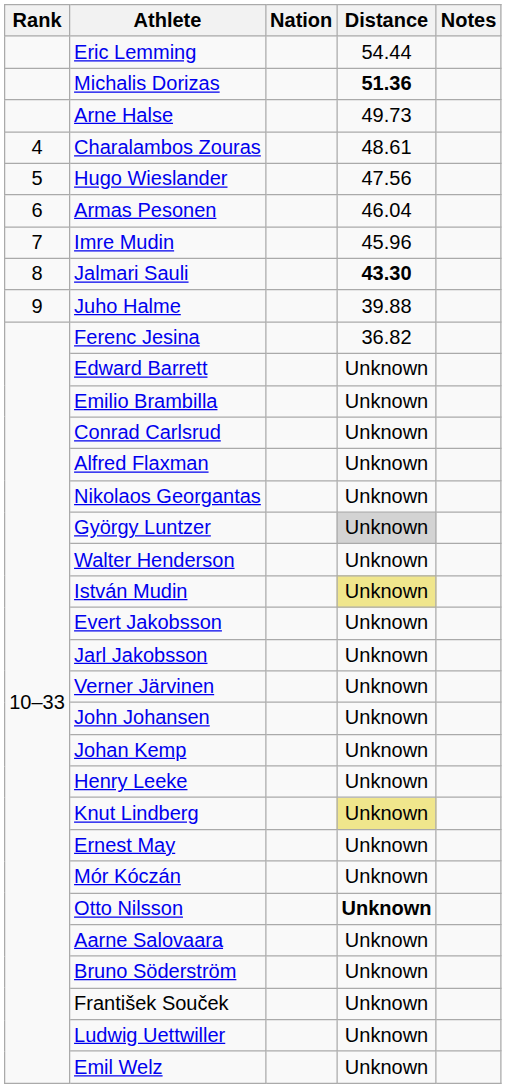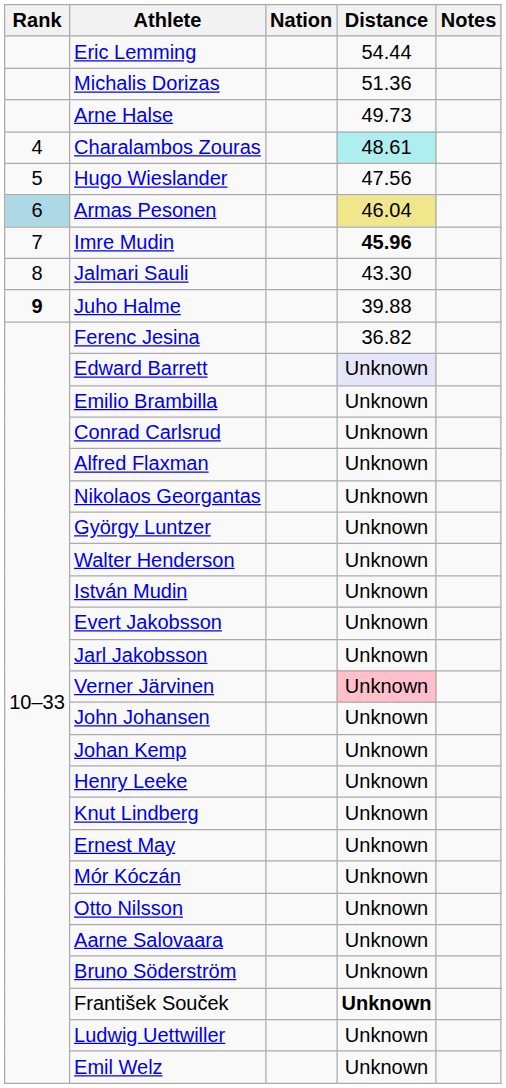 <table class=wikitable>
 <tr>
 <th>Rank</th>
 <th>Athlete</th>
 <th>Nation</th>
 <th>Distance</th>
 <th>Notes</th>
 </tr>
 <tr>
 <td align=center></td>
 <td><a href='#'>Eric Lemming</a></td>
 <td></td>
 <td align=center>54.44</td>
 <td align=center></td>
 </tr>
 <tr>
 <td align=center></td>
 <td><a href='#'>Michalis Dorizas</a></td>
 <td></td>
-<td align=center><strong>51.36</strong></td>
+<td align=center>51.36</td>
 <td></td>
 </tr>
 <tr>
 <td align=center></td>
 <td><a href='#'>Arne Halse</a></td>
 <td></td>
 <td align=center>49.73</td>
 <td></td>
 </tr>
 <tr>
 <td align=center>4</td>
 <td><a href='#'>Charalambos Zouras</a></td>
 <td></td>
-<td align=center>48.61</td>
+<td align=center style="background: paleturquoise;">48.61</td>
 <td></td>
 </tr>
 <tr>
 <td align=center>5</td>
 <td><a href='#'>Hugo Wieslander</a></td>
 <td></td>
 <td align=center>47.56</td>
 <td></td>
 </tr>
 <tr>
-<td align=center>6</td>
+<td align=center style="background: lightblue;">6</td>
 <td><a href='#'>Armas Pesonen</a></td>
 <td></td>
-<td align=center>46.04</td>
+<td align=center style="background: khaki;">46.04</td>
 <td></td>
 </tr>
 <tr>
 <td align=center>7</td>
 <td><a href='#'>Imre Mudin</a></td>
 <td></td>
-<td align=center>45.96</td>
+<td align=center><strong>45.96</strong></td>
 <td></td>
 </tr>
 <tr>
 <td align=center>8</td>
 <td><a href='#'>Jalmari Sauli</a></td>
 <td></td>
-<td align=center><strong>43.30</strong></td>
+<td align=center>43.30</td>
 <td></td>
 </tr>
 <tr>
-<td align=center>9</td>
+<td align=center><strong>9</strong></td>
 <td><a href='#'>Juho Halme</a></td>
 <td></td>
 <td align=center>39.88</td>
 <td></td>
 </tr>
 <tr>
 <td align=center rowspan=24>10–33</td>
 <td><a href='#'>Ferenc Jesina</a></td>
 <td></td>
 <td align=center>36.82</td>
 <td></td>
 </tr>
 <tr>
 <td><a href='#'>Edward Barrett</a></td>
 <td></td>
-<td align=center>Unknown</td>
+<td align=center style="background: lavender;">Unknown</td>
 <td></td>
 </tr>
 <tr>
 <td><a href='#'>Emilio Brambilla</a></td>
 <td></td>
 <td align=center>Unknown</td>
 <td></td>
 </tr>
 <tr>
 <td><a href='#'>Conrad Carlsrud</a></td>
 <td></td>
 <td align=center>Unknown</td>
 <td></td>
 </tr>
 <tr>
 <td><a href='#'>Alfred Flaxman</a></td>
 <td></td>
 <td align=center>Unknown</td>
 <td></td>
 </tr>
 <tr>
 <td><a href='#'>Nikolaos Georgantas</a></td>
 <td></td>
 <td align=center>Unknown</td>
 <td></td>
 </tr>
 <tr>
 <td><a href='#'>György Luntzer</a></td>
 <td></td>
-<td align=center style="background: lightgrey;">Unknown</td>
+<td align=center>Unknown</td>
 <td></td>
 </tr>
 <tr>
 <td><a href='#'>Walter Henderson</a></td>
 <td></td>
 <td align=center>Unknown</td>
 <td></td>
 </tr>
 <tr>
 <td><a href='#'>István Mudin</a></td>
 <td></td>
-<td align=center style="background: khaki;">Unknown</td>
+<td align=center>Unknown</td>
 <td></td>
 </tr>
 <tr>
 <td><a href='#'>Evert Jakobsson</a></td>
 <td></td>
 <td align=center>Unknown</td>
 <td></td>
 </tr>
 <tr>
 <td><a href='#'>Jarl Jakobsson</a></td>
 <td></td>
 <td align=center>Unknown</td>
 <td></td>
 </tr>
 <tr>
 <td><a href='#'>Verner Järvinen</a></td>
 <td></td>
-<td align=center>Unknown</td>
+<td align=center style="background: pink;">Unknown</td>
 <td></td>
 </tr>
 <tr>
 <td><a href='#'>John Johansen</a></td>
 <td></td>
 <td align=center>Unknown</td>
 <td></td>
 </tr>
 <tr>
 <td><a href='#'>Johan Kemp</a></td>
 <td></td>
 <td align=center>Unknown</td>
 <td></td>
 </tr>
 <tr>
 <td><a href='#'>Henry Leeke</a></td>
 <td></td>
 <td align=center>Unknown</td>
 <td></td>
 </tr>
 <tr>
 <td><a href='#'>Knut Lindberg</a></td>
 <td></td>
-<td align=center style="background: khaki;">Unknown</td>
+<td align=center>Unknown</td>
 <td></td>
 </tr>
 <tr>
 <td><a href='#'>Ernest May</a></td>
 <td></td>
 <td align=center>Unknown</td>
 <td></td>
 </tr>
 <tr>
 <td><a href='#'>Mór Kóczán</a></td>
 <td></td>
 <td align=center>Unknown</td>
 <td></td>
 </tr>
 <tr>
 <td><a href='#'>Otto Nilsson</a></td>
 <td></td>
-<td align=center><strong>Unknown</strong></td>
+<td align=center>Unknown</td>
 <td></td>
 </tr>
 <tr>
 <td><a href='#'>Aarne Salovaara</a></td>
 <td></td>
 <td align=center>Unknown</td>
 <td></td>
 </tr>
 <tr>
 <td><a href='#'>Bruno Söderström</a></td>
 <td></td>
 <td align=center>Unknown</td>
 <td></td>
 </tr>
 <tr>
 <td>František Souček</td>
 <td></td>
-<td align=center>Unknown</td>
+<td align=center><strong>Unknown</strong></td>
 <td></td>
 </tr>
 <tr>
 <td><a href='#'>Ludwig Uettwiller</a></td>
 <td></td>
 <td align=center>Unknown</td>
 <td></td>
 </tr>
 <tr>
 <td><a href='#'>Emil Welz</a></td>
 <td></td>
 <td align=center>Unknown</td>
 <td></td>
 </tr>
 </table>
